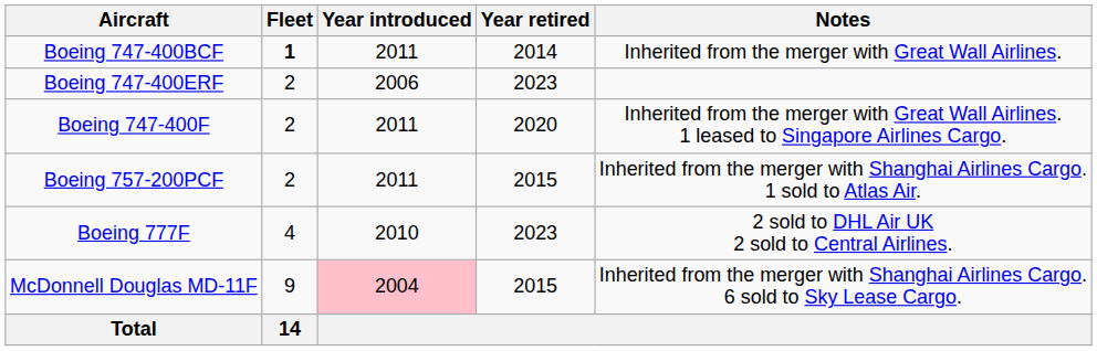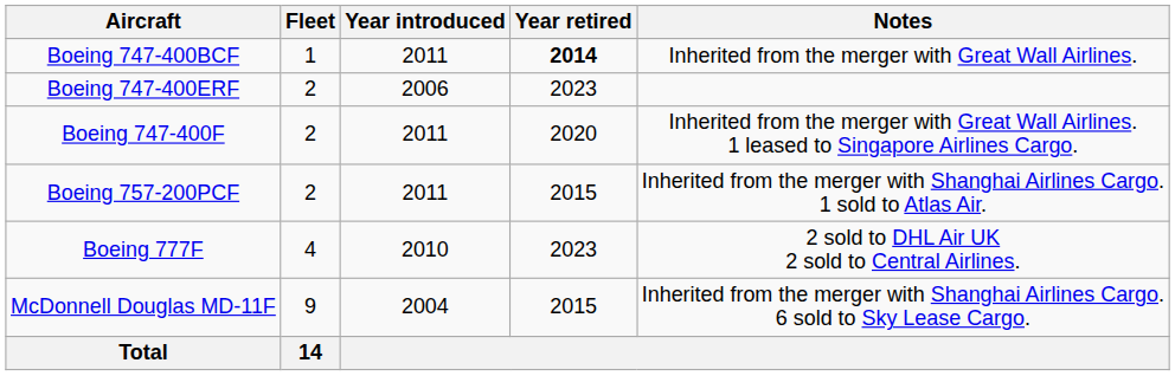 <table class="wikitable" style="border-collapse:collapse;text-align:center;margin:auto;">
 <tr>
 <th>Aircraft</th>
 <th>Fleet</th>
 <th>Year introduced</th>
 <th>Year retired</th>
 <th>Notes</th>
 </tr>
 <tr>
 <td><a href='#'>Boeing 747-400BCF</a></td>
-<td><strong>1</strong></td>
+<td>1</td>
 <td>2011</td>
-<td>2014</td>
+<td><strong>2014</strong></td>
 <td>Inherited from the merger with <a href='#'>Great Wall Airlines</a>.</td>
 </tr>
 <tr>
 <td><a href='#'>Boeing 747-400ERF</a></td>
 <td>2</td>
 <td>2006</td>
 <td>2023</td>
 <td></td>
 </tr>
 <tr>
 <td><a href='#'>Boeing 747-400F</a></td>
 <td>2</td>
 <td>2011</td>
 <td>2020</td>
 <td>Inherited from the merger with <a href='#'>Great Wall Airlines</a>. <br> 1 leased to <a href='#'>Singapore Airlines Cargo</a>.</td>
 </tr>
 <tr>
 <td><a href='#'>Boeing 757-200PCF</a></td>
 <td>2</td>
 <td>2011</td>
 <td>2015</td>
 <td>Inherited from the merger with <a href='#'>Shanghai Airlines Cargo</a>. <br> 1 sold to <a href='#'>Atlas Air</a>.</td>
 </tr>
 <tr>
 <td><a href='#'>Boeing 777F</a></td>
 <td>4</td>
 <td>2010</td>
 <td>2023</td>
 <td>2 sold to <a href='#'>DHL Air UK</a> <br> 2 sold to <a href='#'>Central Airlines</a>.</td>
 </tr>
 <tr>
 <td><a href='#'>McDonnell Douglas MD-11F</a></td>
 <td>9</td>
-<td style="background: pink;">2004</td>
+<td>2004</td>
 <td>2015</td>
 <td>Inherited from the merger with <a href='#'>Shanghai Airlines Cargo</a>. <br> 6 sold to <a href='#'>Sky Lease Cargo</a>.</td>
 </tr>
 <tr>
 <th>Total</th>
 <th>14</th>
 <th colspan="3"></th>
 </tr>
 </table>
